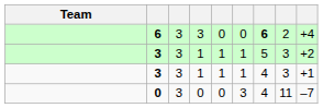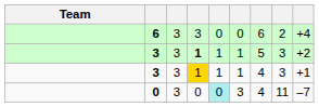 <table class="wikitable" style="text-align:center">
 <tr>
 <th width="175">Team</th>
 <th width="20"></th>
 <th width="20"></th>
 <th width="20"></th>
 <th width="20"></th>
 <th width="20"></th>
 <th width="20"></th>
 <th width="20"></th>
 <th width="20"></th>
 </tr>
 <tr bgcolor=#CCFFCC>
 <td align=left></td>
 <td><strong>6</strong></td>
 <td>3</td>
 <td>3</td>
 <td>0</td>
 <td>0</td>
-<td><strong>6</strong></td>
+<td>6</td>
 <td>2</td>
 <td>+4</td>
 </tr>
 <tr bgcolor=#CCFFCC>
 <td align=left></td>
 <td><strong>3</strong></td>
 <td>3</td>
-<td>1</td>
+<td><strong>1</strong></td>
 <td>1</td>
 <td>1</td>
 <td>5</td>
 <td>3</td>
 <td>+2</td>
 </tr>
 <tr>
 <td align=left></td>
 <td><strong>3</strong></td>
 <td>3</td>
-<td>1</td>
+<td style="background: gold;">1</td>
 <td>1</td>
 <td>1</td>
 <td>4</td>
 <td>3</td>
 <td>+1</td>
 </tr>
 <tr>
 <td align=left></td>
 <td><strong>0</strong></td>
 <td>3</td>
 <td>0</td>
-<td>0</td>
+<td style="background: paleturquoise;">0</td>
 <td>3</td>
 <td>4</td>
 <td>11</td>
 <td>–7</td>
 </tr>
 </table>
